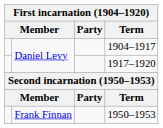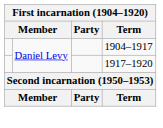 <table class="wikitable">
 <tr>
 <th colspan="4">First incarnation (1904–1920)</th>
 </tr>
 <tr>
 <th colspan="2">Member</th>
 <th>Party</th>
 <th>Term</th>
 </tr>
 <tr>
 <td> </td>
 <td rowspan="2"><a href='#'>Daniel Levy</a></td>
 <td></td>
 <td>1904–1917</td>
 </tr>
 <tr>
 <td> </td>
 <td></td>
 <td>1917–1920</td>
 </tr>
 <tr>
 <th colspan="4">Second incarnation (1950–1953)</th>
 </tr>
 <tr>
 <th colspan="2">Member</th>
 <th>Party</th>
 <th>Term</th>
 </tr>
-<tr>
-<td> </td>
-<td><a href='#'>Frank Finnan</a></td>
-<td></td>
-<td>1950–1953</td>
-</tr>
 </table>
